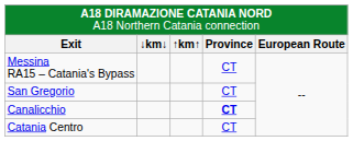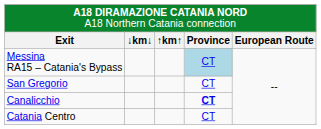 <table class="wikitable">
 <tr>
 </tr>
 <tr align="center" style="color: white;font-size:100%;" bgcolor="#08842c">
 <td colspan="6"> <strong>A18 DIRAMAZIONE CATANIA NORD</strong><br>A18 Northern Catania connection</td>
 </tr>
 <tr>
 <th><strong>Exit</strong></th>
 <th align="center"><strong>↓km↓</strong></th>
 <th align="center"><strong>↑km↑</strong></th>
 <th align="center"><strong>Province</strong></th>
 <th align="center"><strong>European Route</strong></th>
 </tr>
 <tr>
 <td>   <a href='#'>Messina</a><br>  RA15 – Catania's Bypass</td>
 <td align="right"></td>
 <td align="right"></td>
-<td align="center"><a href='#'>CT</a></td>
+<td align="center" style="background: lightblue;"><a href='#'>CT</a></td>
 <td align="center" rowspan=4>--</td>
 </tr>
 <tr>
 <td> <a href='#'>San Gregorio</a></td>
 <td align="right"></td>
 <td align="right"></td>
 <td align="center"><a href='#'>CT</a></td>
 </tr>
 <tr>
 <td> <a href='#'>Canalicchio</a></td>
 <td align="right"></td>
 <td align="right"></td>
 <td align="center"><strong><a href='#'>CT</a></strong></td>
 </tr>
 <tr>
 <td> <a href='#'>Catania</a> Centro</td>
 <td align="right"></td>
 <td align="right"></td>
 <td align="center"><a href='#'>CT</a></td>
 </tr>
 </table>
